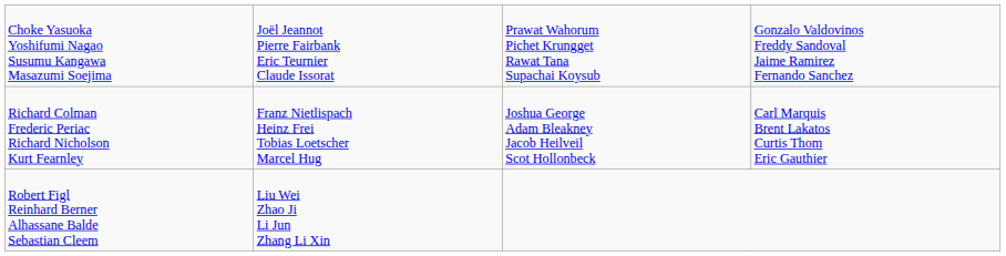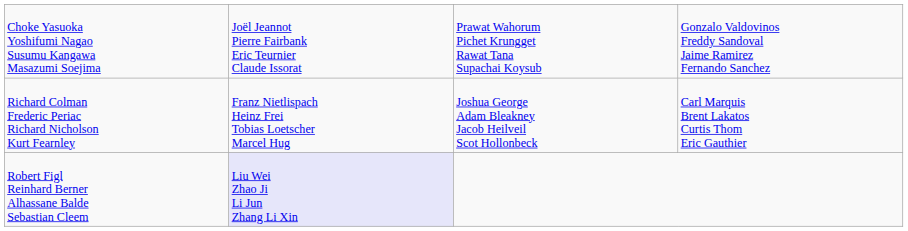 <table class="wikitable">
 <tr>
 <td style="vertical-align:top; width:18em"><br><a href='#'>Choke Yasuoka</a><br><a href='#'>Yoshifumi Nagao</a><br><a href='#'>Susumu Kangawa</a><br><a href='#'>Masazumi Soejima</a></td>
 <td style="vertical-align:top; width:18em"><br><a href='#'>Joël Jeannot</a><br><a href='#'>Pierre Fairbank</a><br><a href='#'>Eric Teurnier</a><br><a href='#'>Claude Issorat</a></td>
 <td style="vertical-align:top; width:18em"><br><a href='#'>Prawat Wahorum</a><br><a href='#'>Pichet Krungget</a><br><a href='#'>Rawat Tana</a><br><a href='#'>Supachai Koysub</a></td>
 <td style="vertical-align:top; width:18em"><br><a href='#'>Gonzalo Valdovinos</a><br><a href='#'>Freddy Sandoval</a><br><a href='#'>Jaime Ramirez</a><br><a href='#'>Fernando Sanchez</a></td>
 </tr>
 <tr>
 <td style="vertical-align:top; width:18em"><br><a href='#'>Richard Colman</a><br><a href='#'>Frederic Periac</a><br><a href='#'>Richard Nicholson</a><br><a href='#'>Kurt Fearnley</a></td>
 <td style="vertical-align:top; width:18em"><br><a href='#'>Franz Nietlispach</a><br><a href='#'>Heinz Frei</a><br><a href='#'>Tobias Loetscher</a><br><a href='#'>Marcel Hug</a></td>
 <td style="vertical-align:top; width:18em"><br><a href='#'>Joshua George</a><br><a href='#'>Adam Bleakney</a><br><a href='#'>Jacob Heilveil</a><br><a href='#'>Scot Hollonbeck</a></td>
 <td style="vertical-align:top; width:18em"><br><a href='#'>Carl Marquis</a><br><a href='#'>Brent Lakatos</a><br><a href='#'>Curtis Thom</a><br><a href='#'>Eric Gauthier</a></td>
 </tr>
 <tr>
 <td style="vertical-align:top; width:18em"><br><a href='#'>Robert Figl</a><br><a href='#'>Reinhard Berner</a><br><a href='#'>Alhassane Balde</a><br><a href='#'>Sebastian Cleem</a></td>
-<td style="vertical-align:top; width:18em"><br><a href='#'>Liu Wei</a><br><a href='#'>Zhao Ji</a><br><a href='#'>Li Jun</a><br><a href='#'>Zhang Li Xin</a></td>
+<td style="background: lavender; vertical-align:top; width:18em"><br><a href='#'>Liu Wei</a><br><a href='#'>Zhao Ji</a><br><a href='#'>Li Jun</a><br><a href='#'>Zhang Li Xin</a></td>
 </tr>
 </table>
